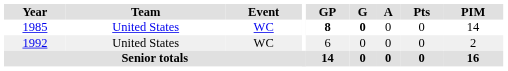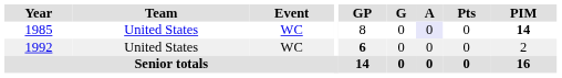 <table border="0" cellpadding="1" cellspacing="0" ID="Table3" style="text-align:center; width:40em">
 <tr bgcolor="#e0e0e0">
 <th>Year</th>
 <th>Team</th>
 <th>Event</th>
 <th rowspan="102" bgcolor="#ffffff"></th>
 <th>GP</th>
 <th>G</th>
 <th>A</th>
 <th>Pts</th>
 <th>PIM</th>
 </tr>
 <tr>
 <td><a href='#'>1985</a></td>
 <td><a href='#'>United States</a></td>
 <td><a href='#'>WC</a></td>
-<td><strong>8</strong></td>
-<td><strong>0</strong></td>
+<td>8</td>
 <td>0</td>
+<td style="background: lavender;">0</td>
 <td>0</td>
-<td>14</td>
+<td><strong>14</strong></td>
 </tr>
 <tr bgcolor="#f0f0f0">
 <td><a href='#'>1992</a></td>
 <td>United States</td>
 <td>WC</td>
-<td>6</td>
+<td><strong>6</strong></td>
 <td>0</td>
 <td>0</td>
 <td>0</td>
 <td>2</td>
 </tr>
 <tr bgcolor="#e0e0e0">
 <th colspan="4">Senior totals</th>
 <th>14</th>
 <th>0</th>
 <th>0</th>
 <th>0</th>
 <th>16</th>
 </tr>
 </table>
